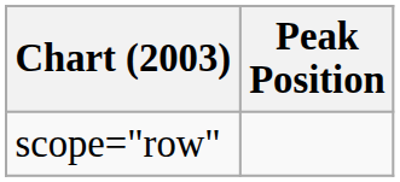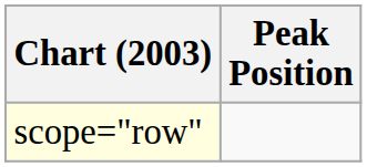 <table class="wikitable">
 <tr>
 <th align="left">Chart (2003)</th>
 <th align="left">Peak<br>Position</th>
 </tr>
 <tr>
-<td>scope="row"</td>
+<td style="background: lightyellow;">scope="row"</td>
 </tr>
 </table>
